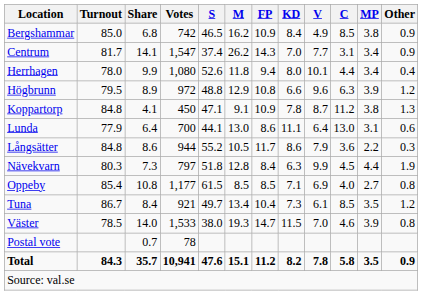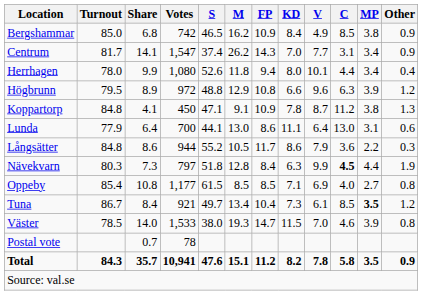 <table class="wikitable sortable" style=text-align:right>
 <tr>
 <th>Location</th>
 <th>Turnout</th>
 <th>Share</th>
 <th>Votes</th>
 <th><a href='#'>S</a></th>
 <th><a href='#'>M</a></th>
 <th><a href='#'>FP</a></th>
 <th><a href='#'>KD</a></th>
 <th><a href='#'>V</a></th>
 <th><a href='#'>C</a></th>
 <th><a href='#'>MP</a></th>
 <th>Other</th>
 </tr>
 <tr>
 <td align=left><a href='#'>Bergshammar</a></td>
 <td>85.0</td>
 <td>6.8</td>
 <td>742</td>
 <td>46.5</td>
 <td>16.2</td>
 <td>10.9</td>
 <td>8.4</td>
 <td>4.9</td>
 <td>8.5</td>
 <td>3.8</td>
 <td>0.9</td>
 </tr>
 <tr>
 <td align=left><a href='#'>Centrum</a></td>
 <td>81.7</td>
 <td>14.1</td>
 <td>1,547</td>
 <td>37.4</td>
 <td>26.2</td>
 <td>14.3</td>
 <td>7.0</td>
 <td>7.7</td>
 <td>3.1</td>
 <td>3.4</td>
 <td>0.9</td>
 </tr>
 <tr>
 <td align=left><a href='#'>Herrhagen</a></td>
 <td>78.0</td>
 <td>9.9</td>
 <td>1,080</td>
 <td>52.6</td>
 <td>11.8</td>
 <td>9.4</td>
 <td>8.0</td>
 <td>10.1</td>
 <td>4.4</td>
 <td>3.4</td>
 <td>0.4</td>
 </tr>
 <tr>
 <td align=left><a href='#'>Högbrunn</a></td>
 <td>79.5</td>
 <td>8.9</td>
 <td>972</td>
 <td>48.8</td>
 <td>12.9</td>
 <td>10.8</td>
 <td>6.6</td>
 <td>9.6</td>
 <td>6.3</td>
 <td>3.9</td>
 <td>1.2</td>
 </tr>
 <tr>
 <td align=left><a href='#'>Koppartorp</a></td>
 <td>84.8</td>
 <td>4.1</td>
 <td>450</td>
 <td>47.1</td>
 <td>9.1</td>
 <td>10.9</td>
 <td>7.8</td>
 <td>8.7</td>
 <td>11.2</td>
 <td>3.8</td>
 <td>1.3</td>
 </tr>
 <tr>
 <td align=left><a href='#'>Lunda</a></td>
 <td>77.9</td>
 <td>6.4</td>
 <td>700</td>
 <td>44.1</td>
 <td>13.0</td>
 <td>8.6</td>
 <td>11.1</td>
 <td>6.4</td>
 <td>13.0</td>
 <td>3.1</td>
 <td>0.6</td>
 </tr>
 <tr>
 <td align=left><a href='#'>Långsätter</a></td>
 <td>84.8</td>
 <td>8.6</td>
 <td>944</td>
 <td>55.2</td>
 <td>10.5</td>
 <td>11.7</td>
 <td>8.6</td>
 <td>7.9</td>
 <td>3.6</td>
 <td>2.2</td>
 <td>0.3</td>
 </tr>
 <tr>
 <td align=left><a href='#'>Nävekvarn</a></td>
 <td>80.3</td>
 <td>7.3</td>
 <td>797</td>
 <td>51.8</td>
 <td>12.8</td>
 <td>8.4</td>
 <td>6.3</td>
 <td>9.9</td>
-<td>4.5</td>
+<td><strong>4.5</strong></td>
 <td>4.4</td>
 <td>1.9</td>
 </tr>
 <tr>
 <td align=left><a href='#'>Oppeby</a></td>
 <td>85.4</td>
 <td>10.8</td>
 <td>1,177</td>
 <td>61.5</td>
 <td>8.5</td>
 <td>8.5</td>
 <td>7.1</td>
 <td>6.9</td>
 <td>4.0</td>
 <td>2.7</td>
 <td>0.8</td>
 </tr>
 <tr>
 <td align=left><a href='#'>Tuna</a></td>
 <td>86.7</td>
 <td>8.4</td>
 <td>921</td>
 <td>49.7</td>
 <td>13.4</td>
 <td>10.4</td>
 <td>7.3</td>
 <td>6.1</td>
 <td>8.5</td>
-<td>3.5</td>
+<td><strong>3.5</strong></td>
 <td>1.2</td>
 </tr>
 <tr>
 <td align=left><a href='#'>Väster</a></td>
 <td>78.5</td>
 <td>14.0</td>
 <td>1,533</td>
 <td>38.0</td>
 <td>19.3</td>
 <td>14.7</td>
 <td>11.5</td>
 <td>7.0</td>
 <td>4.6</td>
 <td>3.9</td>
 <td>0.8</td>
 </tr>
 <tr>
 <td align=left><a href='#'>Postal vote</a></td>
 <td></td>
 <td>0.7</td>
 <td>78</td>
 <td></td>
 <td></td>
 <td></td>
 <td></td>
 <td></td>
 <td></td>
 <td></td>
 <td></td>
 </tr>
 <tr>
 <td align=left><strong>Total</strong></td>
 <td><strong>84.3</strong></td>
 <td><strong>35.7</strong></td>
 <td><strong>10,941</strong></td>
 <td><strong>47.6</strong></td>
 <td><strong>15.1</strong></td>
 <td><strong>11.2</strong></td>
 <td><strong>8.2</strong></td>
 <td><strong>7.8</strong></td>
 <td><strong>5.8</strong></td>
 <td><strong>3.5</strong></td>
 <td><strong>0.9</strong></td>
 </tr>
 <tr>
 <td align=left colspan=12>Source: val.se</td>
 </tr>
 </table>
